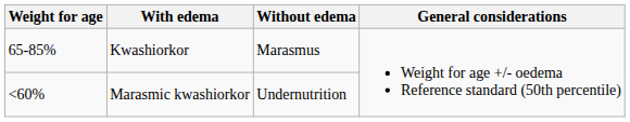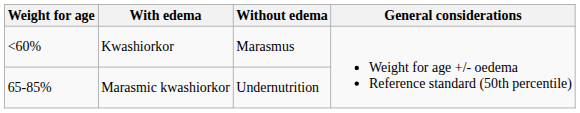 <table class="wikitable">
 <tr>
 <th>Weight for age</th>
 <th>With edema</th>
 <th>Without edema</th>
 <th>General considerations</th>
 </tr>
 <tr>
-<td>65-85%</td>
+<td><60%</td>
 <td>Kwashiorkor</td>
 <td>Marasmus</td>
 <td rowspan="2"><br><ul><li>Weight for age +/- oedema</li><li>Reference standard (50th percentile)</li></ul></td>
 </tr>
 <tr>
-<td><60%</td>
+<td>65-85%</td>
 <td>Marasmic kwashiorkor</td>
 <td>Undernutrition</td>
 </tr>
 </table>
